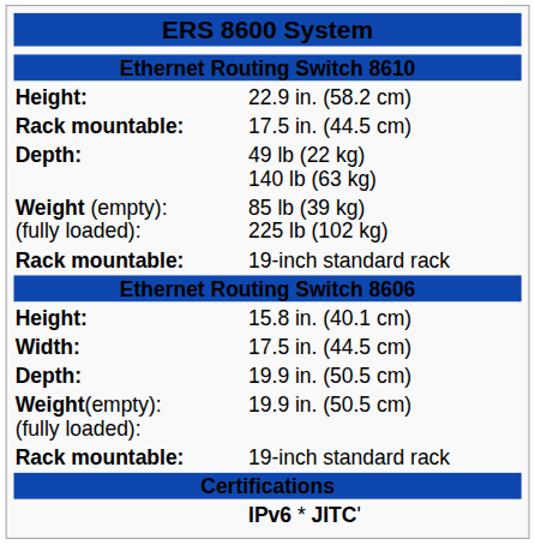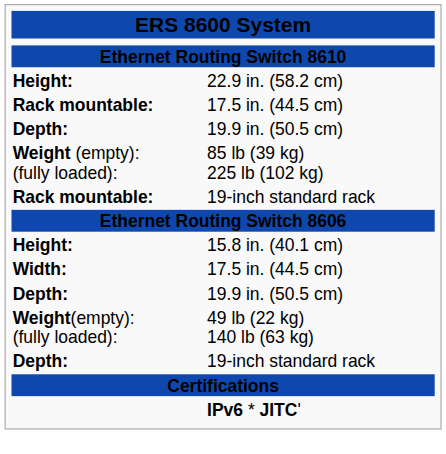 <table class="infobox" style="width: 25em; font-size: 95%;">
 <tr ! colspan="2" bgcolor="#0E48AF">
 <td align="center" colspan="2" style="font-size: larger;"><span><strong>ERS 8600 System</strong></span></td>
 </tr>
 <tr>
 <td align="center" colspan="2"></td>
 </tr>
 <tr>
 <th colspan="2" bgcolor="#0E48AF"><span><strong>Ethernet Routing Switch 8610</strong></span></th>
 </tr>
 <tr style="vertical-align: top;">
 <td><strong>Height:</strong></td>
 <td>22.9 in. (58.2 cm)</td>
 </tr>
 <tr>
 <td><strong>Rack mountable:</strong></td>
 <td>17.5 in. (44.5 cm)</td>
 </tr>
 <tr>
 <td><strong>Depth:</strong></td>
-<td>49 lb (22 kg)<br>140 lb (63 kg)</td>
+<td>19.9 in. (50.5 cm)</td>
 </tr>
 <tr>
 <td><strong>Weight</strong> (empty):<br>(fully loaded):</td>
 <td>85 lb (39 kg)<br>225 lb (102 kg)</td>
 </tr>
 <tr>
 <td><strong>Rack mountable:</strong></td>
 <td>19-inch standard rack</td>
 </tr>
 <tr>
 <th colspan="2" bgcolor="#0E48AF"><span><strong>Ethernet Routing Switch 8606</strong></span></th>
 </tr>
 <tr style="vertical-align: top;">
 <td><strong>Height:</strong></td>
 <td>15.8 in. (40.1 cm)</td>
 </tr>
 <tr>
 <td><strong>Width:</strong></td>
 <td>17.5 in. (44.5 cm)</td>
 </tr>
 <tr>
 <td><strong>Depth:</strong></td>
 <td>19.9 in. (50.5 cm)</td>
 </tr>
 <tr>
 <td><strong>Weight</strong>(empty):<br>(fully loaded):</td>
-<td>19.9 in. (50.5 cm)</td>
+<td>49 lb (22 kg)<br>140 lb (63 kg)</td>
 </tr>
 <tr>
-<td><strong>Rack mountable:</strong></td>
+<td><strong>Depth:</strong></td>
 <td>19-inch standard rack</td>
 </tr>
 <tr>
 <th colspan="2" bgcolor="#0E48AF"><span><strong>Certifications</strong></span></th>
 </tr>
 <tr style="vertical-align: top;">
 <td></td>
 <td><strong>IPv6</strong> * <strong>JITC</strong>'</td>
 </tr>
 <tr>
 </tr>
 </table>
